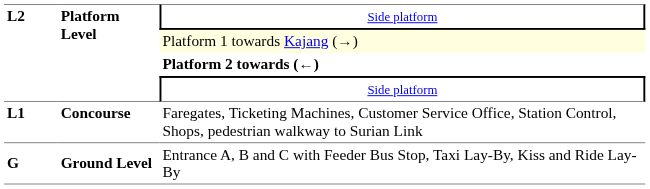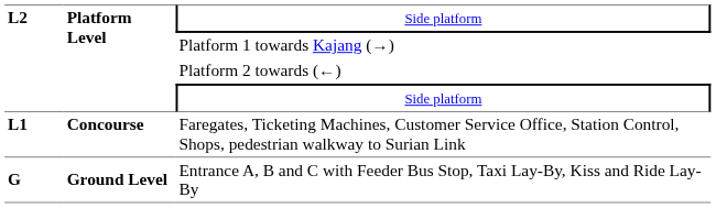 <table table border=0 cellspacing=0 cellpadding=3>
 <tr>
 <td style="border-top:solid 1px gray;border-bottom:solid 1px gray;" rowspan=4 width=50 valign=top><strong>L2</strong></td>
 <td style="border-top:solid 1px gray;border-bottom:solid 1px gray;" rowspan=4 width=100 valign=top><strong>Platform Level</strong></td>
 <td style="width=500;border-top:solid 1px gray;border-right:solid 2px black;border-left:solid 2px black;border-bottom:solid 2px black;text-align:center;" colspan=1><small><a href='#'>Side platform</a></small></td>
 </tr>
 <tr>
-<td width=500 style="background: lightyellow;">Platform 1    towards <a href='#'>Kajang</a>  (→)</td>
+<td width=500>Platform 1    towards <a href='#'>Kajang</a>  (→)</td>
 </tr>
 <tr>
-<td width=500><strong>Platform 2    towards   (←)</strong></td>
+<td width=500>Platform 2    towards   (←)</td>
 </tr>
 <tr>
 <td style="width=500;border-top:solid 2px black;border-right:solid 2px black;border-left:solid 2px black;border-bottom:solid 1px gray;text-align:center;" colspan=1><small><a href='#'>Side platform</a></small></td>
 </tr>
 <tr style="vertical-align:top;">
 <td style="border-bottom:solid 1px gray; "><strong>L1</strong></td>
 <td style="border-bottom:solid 1px gray; "><strong>Concourse</strong></td>
 <td style="border-bottom:solid 1px gray; " width=500>Faregates, Ticketing Machines, Customer Service Office, Station Control, Shops, pedestrian walkway to Surian Link</td>
 </tr>
 <tr>
 <td style="border-bottom:solid 1px gray; "><strong>G</strong></td>
 <td style="border-bottom:solid 1px gray; "><strong>Ground Level</strong></td>
 <td style="border-bottom:solid 1px gray; ">Entrance A, B and C with Feeder Bus Stop, Taxi Lay-By, Kiss and Ride Lay-By</td>
 </tr>
 </table>
